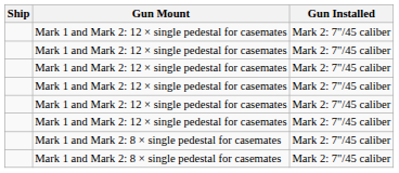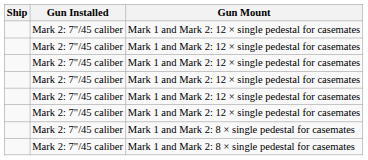 <table class="wikitable">
 <tr>
 <th>Ship</th>
+<th>Gun Installed</th>
 <th>Gun Mount</th>
-<th>Gun Installed</th>
 </tr>
 <tr>
 <td></td>
+<td>Mark 2: 7"/45 caliber</td>
 <td>Mark 1 and Mark 2: 12 × single pedestal for casemates</td>
-<td>Mark 2: 7"/45 caliber</td>
 </tr>
 <tr>
 <td></td>
+<td>Mark 2: 7"/45 caliber</td>
 <td>Mark 1 and Mark 2: 12 × single pedestal for casemates</td>
-<td>Mark 2: 7"/45 caliber</td>
 </tr>
 <tr>
 <td></td>
+<td>Mark 2: 7"/45 caliber</td>
 <td>Mark 1 and Mark 2: 12 × single pedestal for casemates</td>
-<td>Mark 2: 7"/45 caliber</td>
 </tr>
 <tr>
 <td></td>
+<td>Mark 2: 7"/45 caliber</td>
 <td>Mark 1 and Mark 2: 12 × single pedestal for casemates</td>
-<td>Mark 2: 7"/45 caliber</td>
 </tr>
 <tr>
 <td></td>
+<td>Mark 2: 7"/45 caliber</td>
 <td>Mark 1 and Mark 2: 12 × single pedestal for casemates</td>
-<td>Mark 2: 7"/45 caliber</td>
 </tr>
 <tr>
 <td></td>
+<td>Mark 2: 7"/45 caliber</td>
 <td>Mark 1 and Mark 2: 12 × single pedestal for casemates</td>
-<td>Mark 2: 7"/45 caliber</td>
 </tr>
 <tr>
 <td></td>
+<td>Mark 2: 7"/45 caliber</td>
 <td>Mark 1 and Mark 2: 8 × single pedestal for casemates</td>
-<td>Mark 2: 7"/45 caliber</td>
 </tr>
 <tr>
 <td></td>
+<td>Mark 2: 7"/45 caliber</td>
 <td>Mark 1 and Mark 2: 8 × single pedestal for casemates</td>
-<td>Mark 2: 7"/45 caliber</td>
 </tr>
 </table>
